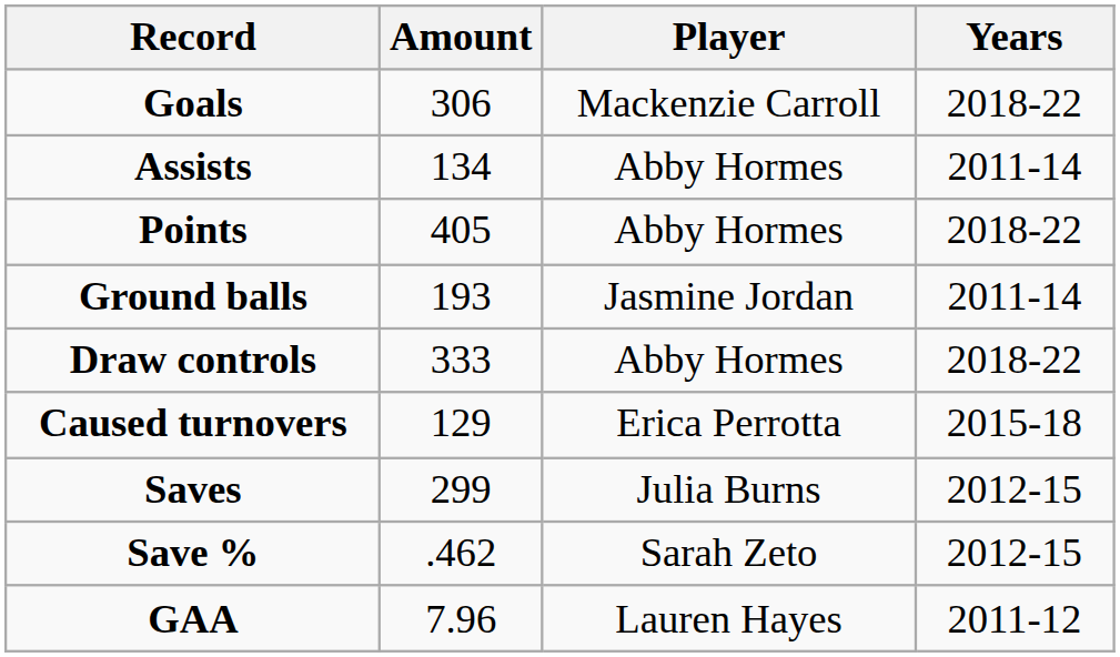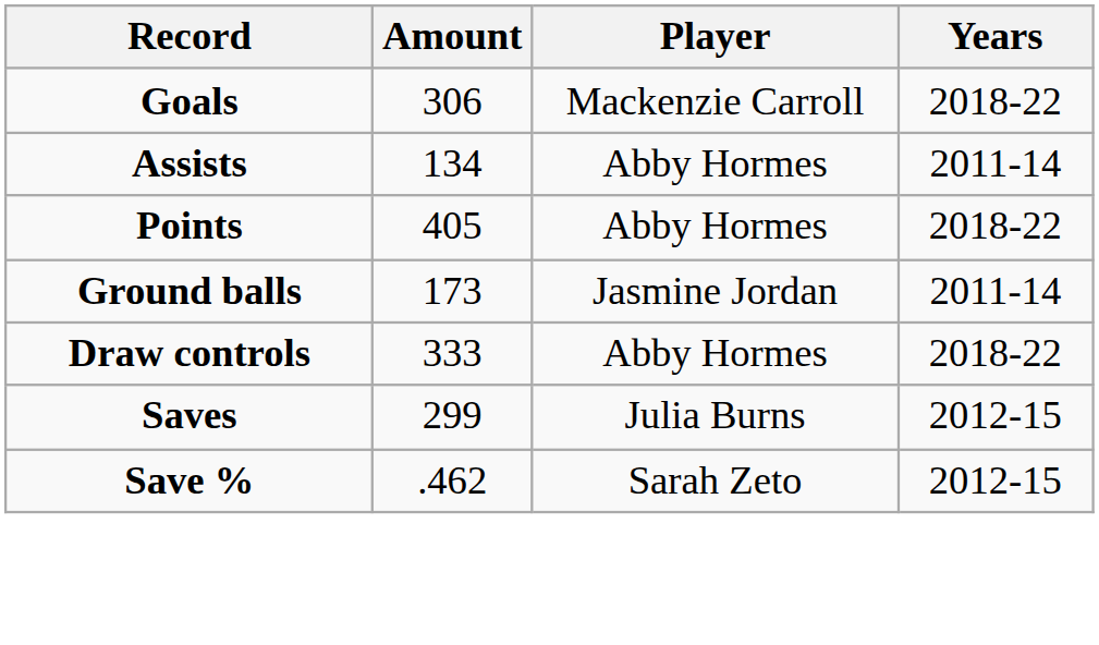 <table class="wikitable">
 <tr>
 <th style="width:140px; ">Record</th>
 <th style="width:35px; ">Amount</th>
 <th style="width:140px; ">Player</th>
 <th style="width:70px; ">Years</th>
 </tr>
 <tr style="text-align:center;">
 <td><strong>Goals</strong></td>
 <td>306</td>
 <td>Mackenzie Carroll</td>
 <td>2018-22</td>
 </tr>
 <tr style="text-align:center;">
 <td><strong>Assists</strong></td>
 <td>134</td>
 <td>Abby Hormes</td>
 <td>2011-14</td>
 </tr>
 <tr style="text-align:center;">
 <td><strong>Points</strong></td>
 <td>405</td>
 <td>Abby Hormes</td>
 <td>2018-22</td>
 </tr>
 <tr style="text-align:center;">
 <td><strong>Ground balls</strong></td>
-<td>193</td>
+<td>173</td>
 <td>Jasmine Jordan</td>
 <td>2011-14</td>
 </tr>
 <tr style="text-align:center;">
 <td><strong>Draw controls</strong></td>
 <td>333</td>
 <td>Abby Hormes</td>
 <td>2018-22</td>
-</tr>
-<tr style="text-align:center;">
-<td><strong>Caused turnovers</strong></td>
-<td>129</td>
-<td>Erica Perrotta</td>
-<td>2015-18</td>
 </tr>
 <tr style="text-align:center;">
 <td><strong>Saves</strong></td>
 <td>299</td>
 <td>Julia Burns</td>
 <td>2012-15</td>
 </tr>
 <tr style="text-align:center;">
 <td><strong>Save %</strong></td>
 <td>.462</td>
 <td>Sarah Zeto</td>
 <td>2012-15</td>
 </tr>
-<tr style="text-align:center;">
-<td><strong>GAA</strong></td>
-<td>7.96</td>
-<td>Lauren Hayes</td>
-<td>2011-12</td>
-</tr>
 </table>
